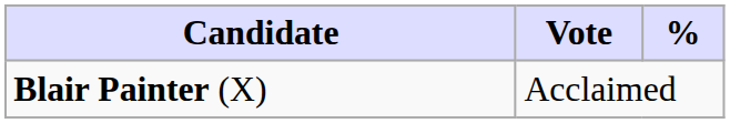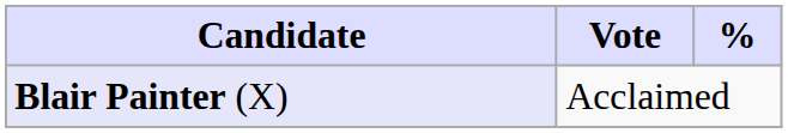 <table class="wikitable">
 <tr>
 <th style="background:#ddf; width:225px;">Candidate</th>
 <th style="background:#ddf; width:50px;">Vote</th>
 <th style="background:#ddf; width:30px;">%</th>
 </tr>
 <tr>
-<td><strong>Blair Painter</strong> (X)</td>
+<td style="background: lavender;"><strong>Blair Painter</strong> (X)</td>
 <td colspan="2">Acclaimed</td>
 </tr>
 </table>
